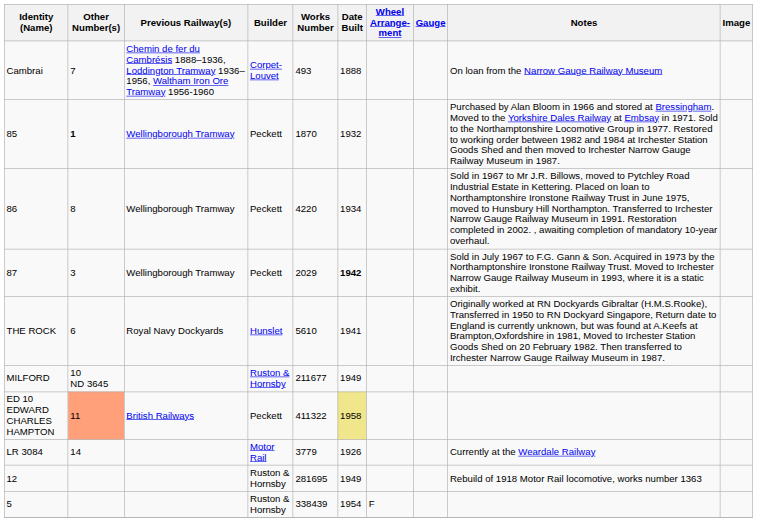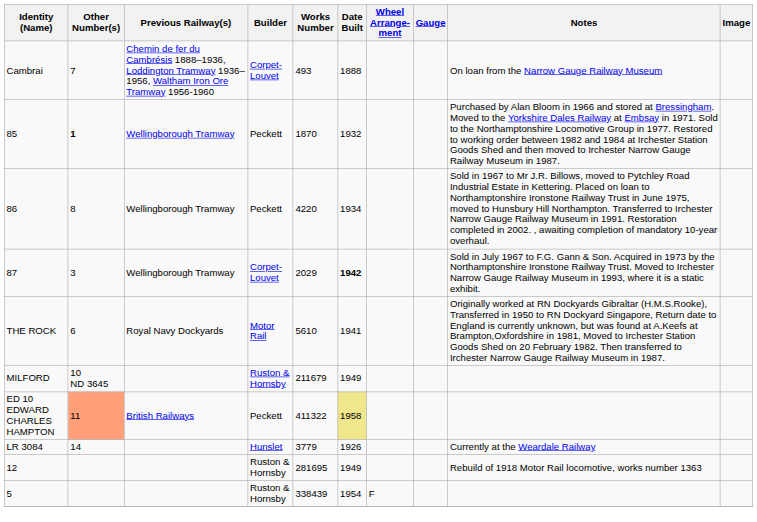 <table class="wikitable sortable">
 <tr>
 <th>Identity (Name)</th>
 <th>Other Number(s)</th>
 <th>Previous Railway(s)</th>
 <th>Builder</th>
 <th>Works Number</th>
 <th>Date Built</th>
 <th><a href='#'>Wheel<br>Arrange­ment</a></th>
 <th width="5" scope="col"><a href='#'>Gauge</a></th>
 <th>Notes</th>
 <th>Image</th>
 </tr>
 <tr>
 <td>Cambrai</td>
 <td>7</td>
 <td><a href='#'>Chemin de fer du Cambrésis</a> 1888–1936, <a href='#'>Loddington Tramway</a> 1936–1956, <a href='#'>Waltham Iron Ore Tramway</a> 1956-1960</td>
 <td><a href='#'>Corpet-Louvet</a></td>
 <td>493</td>
 <td>1888</td>
 <td></td>
 <td></td>
 <td> On loan from the <a href='#'>Narrow Gauge Railway Museum</a></td>
 <td></td>
 </tr>
 <tr>
 <td>85</td>
 <td><strong>1</strong></td>
 <td><a href='#'>Wellingborough Tramway</a></td>
 <td>Peckett</td>
 <td>1870</td>
 <td>1932</td>
 <td></td>
 <td></td>
 <td> Purchased by Alan Bloom in 1966 and stored at <a href='#'>Bressingham</a>. Moved to the <a href='#'>Yorkshire Dales Railway</a> at <a href='#'>Embsay</a> in 1971. Sold to the Northamptonshire Locomotive Group in 1977. Restored to working order between 1982 and 1984 at Irchester Station Goods Shed and then moved to Irchester Narrow Gauge Railway Museum in 1987.</td>
 <td></td>
 </tr>
 <tr>
 <td>86</td>
 <td>8</td>
 <td>Wellingborough Tramway</td>
 <td>Peckett</td>
 <td>4220</td>
 <td>1934</td>
 <td></td>
 <td></td>
 <td> Sold in 1967 to Mr J.R. Billows, moved to Pytchley Road Industrial Estate in Kettering. Placed on loan to Northamptonshire Ironstone Railway Trust in June 1975, moved to Hunsbury Hill Northampton. Transferred to Irchester Narrow Gauge Railway Museum in 1991. Restoration completed in 2002. , awaiting completion of mandatory 10-year overhaul.</td>
 <td></td>
 </tr>
 <tr>
 <td>87</td>
 <td>3</td>
 <td>Wellingborough Tramway</td>
-<td>Peckett</td>
+<td><a href='#'>Corpet-Louvet</a></td>
 <td>2029</td>
 <td><strong>1942</strong></td>
 <td></td>
 <td></td>
 <td> Sold in July 1967 to F.G. Gann & Son. Acquired in 1973 by the Northamptonshire Ironstone Railway Trust. Moved to Irchester Narrow Gauge Railway Museum in 1993, where it is a static exhibit.</td>
 <td></td>
 </tr>
 <tr>
 <td>THE ROCK</td>
 <td>6</td>
 <td>Royal Navy Dockyards</td>
-<td><a href='#'>Hunslet</a></td>
+<td><a href='#'>Motor Rail</a></td>
 <td>5610</td>
 <td>1941</td>
 <td></td>
 <td></td>
 <td> Originally worked at RN Dockyards Gibraltar (H.M.S.Rooke), Transferred in 1950 to RN Dockyard Singapore, Return date to England is currently unknown, but was found at A.Keefs at Brampton,Oxfordshire in 1981, Moved to Irchester Station Goods Shed on 20 February 1982. Then transferred to Irchester Narrow Gauge Railway Museum in 1987.</td>
 <td></td>
 </tr>
 <tr>
 <td>MILFORD</td>
 <td>10<br>ND 3645</td>
 <td></td>
 <td><a href='#'>Ruston & Hornsby</a></td>
-<td>211677</td>
+<td>211679</td>
 <td>1949</td>
 <td></td>
 <td></td>
 <td></td>
 <td></td>
 </tr>
 <tr>
 <td>ED 10<br>EDWARD CHARLES HAMPTON</td>
 <td style="background: lightsalmon;">11</td>
 <td><a href='#'>British Railways</a></td>
 <td>Peckett</td>
 <td>411322</td>
 <td style="background: khaki;">1958</td>
 <td></td>
 <td></td>
 <td></td>
 <td></td>
 </tr>
 <tr>
 <td>LR 3084</td>
 <td>14</td>
 <td></td>
-<td><a href='#'>Motor Rail</a></td>
+<td><a href='#'>Hunslet</a></td>
 <td>3779</td>
 <td>1926</td>
 <td></td>
 <td></td>
 <td>Currently at the <a href='#'>Weardale Railway</a></td>
 <td></td>
 </tr>
 <tr>
 <td>12</td>
 <td></td>
 <td></td>
 <td>Ruston & Hornsby</td>
 <td>281695</td>
 <td>1949</td>
 <td></td>
 <td></td>
 <td>Rebuild of 1918 Motor Rail locomotive, works number 1363</td>
 <td></td>
 </tr>
 <tr>
 <td>5</td>
 <td></td>
 <td></td>
 <td>Ruston & Hornsby</td>
 <td>338439</td>
 <td>1954</td>
 <td>F</td>
 <td></td>
 <td></td>
 <td></td>
 </tr>
 <tr>
 </tr>
 </table>
